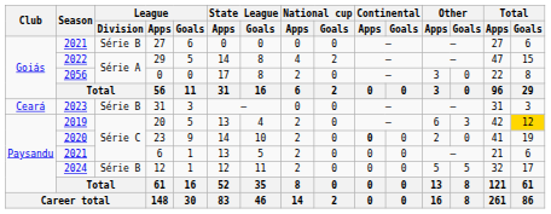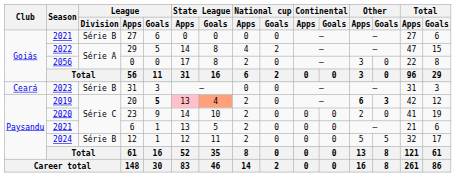 <table class="wikitable" style="text-align:center">
 <tr>
 <th rowspan="2">Club</th>
 <th rowspan="2">Season</th>
 <th colspan="3">League</th>
 <th colspan="2">State League</th>
 <th colspan="2">National cup</th>
 <th colspan="2">Continental</th>
 <th colspan="2">Other</th>
 <th colspan="2">Total</th>
 </tr>
 <tr>
 <th>Division</th>
 <th>Apps</th>
 <th>Goals</th>
 <th>Apps</th>
 <th>Goals</th>
 <th>Apps</th>
 <th>Goals</th>
 <th>Apps</th>
 <th>Goals</th>
 <th>Apps</th>
 <th>Goals</th>
 <th>Apps</th>
 <th>Goals</th>
 </tr>
 <tr>
 <td rowspan="4"><a href='#'>Goiás</a></td>
 <td><a href='#'>2021</a></td>
 <td>Série B</td>
 <td>27</td>
 <td>6</td>
 <td>0</td>
 <td>0</td>
 <td>0</td>
 <td>0</td>
 <td colspan="2">—</td>
 <td colspan="2">—</td>
 <td>27</td>
 <td>6</td>
 </tr>
 <tr>
 <td><a href='#'>2022</a></td>
 <td rowspan="2">Série A</td>
 <td>29</td>
 <td>5</td>
 <td>14</td>
 <td>8</td>
 <td>4</td>
 <td>2</td>
 <td colspan="2">—</td>
 <td colspan="2">—</td>
 <td>47</td>
 <td>15</td>
 </tr>
 <tr>
 <td><a href='#'>2056</a></td>
 <td>0</td>
 <td>0</td>
 <td>17</td>
 <td>8</td>
 <td>2</td>
 <td>0</td>
 <td colspan="2">—</td>
 <td>3</td>
 <td>0</td>
 <td>22</td>
 <td>8</td>
 </tr>
 <tr>
 <th colspan="2">Total</th>
 <th>56</th>
 <th>11</th>
 <th>31</th>
 <th>16</th>
 <th>6</th>
 <th>2</th>
 <th>0</th>
 <th>0</th>
 <th>3</th>
 <th>0</th>
 <th>96</th>
 <th>29</th>
 </tr>
 <tr>
 <td><a href='#'>Ceará</a></td>
 <td><a href='#'>2023</a></td>
 <td>Série B</td>
 <td>31</td>
 <td>3</td>
 <td colspan="2">—</td>
 <td>0</td>
 <td>0</td>
 <td colspan="2">—</td>
 <td colspan="2">—</td>
 <td>31</td>
 <td>3</td>
 </tr>
 <tr>
 <td rowspan="5"><a href='#'>Paysandu</a></td>
 <td><a href='#'>2019</a></td>
 <td rowspan="3">Série C</td>
 <td>20</td>
-<td>5</td>
-<td>13</td>
-<td>4</td>
+<td><strong>5</strong></td>
+<td style="background: pink;">13</td>
+<td style="background: lightsalmon;">4</td>
 <td>2</td>
 <td>0</td>
 <td colspan="2">—</td>
-<td>6</td>
-<td>3</td>
+<td><strong>6</strong></td>
+<td><strong>3</strong></td>
 <td>42</td>
-<td style="background: gold;">12</td>
+<td>12</td>
 </tr>
 <tr>
 <td><a href='#'>2020</a></td>
 <td>23</td>
 <td>9</td>
 <td>14</td>
 <td>10</td>
 <td>2</td>
 <td>0</td>
-<td><strong>0</strong></td>
+<td>0</td>
 <td>0</td>
 <td>2</td>
 <td>0</td>
 <td>41</td>
 <td>19</td>
 </tr>
 <tr>
 <td><a href='#'>2021</a></td>
 <td>6</td>
 <td>1</td>
 <td>13</td>
 <td>5</td>
 <td>2</td>
 <td>0</td>
 <td>0</td>
 <td>0</td>
 <td colspan="2">—</td>
 <td>21</td>
 <td>6</td>
 </tr>
 <tr>
 <td><a href='#'>2024</a></td>
 <td>Série B</td>
 <td>12</td>
 <td>1</td>
 <td>12</td>
 <td>11</td>
 <td>2</td>
 <td>0</td>
 <td>0</td>
 <td>0</td>
 <td>5</td>
 <td>5</td>
 <td>32</td>
 <td>17</td>
 </tr>
 <tr>
 <th colspan="2">Total</th>
 <th>61</th>
 <th>16</th>
 <th>52</th>
 <th>35</th>
 <th>8</th>
 <th>0</th>
 <th>0</th>
 <th>0</th>
 <th>13</th>
 <th>8</th>
 <th>121</th>
 <th>61</th>
 </tr>
 <tr>
 <th colspan="3">Career total</th>
 <th>148</th>
 <th>30</th>
 <th>83</th>
 <th>46</th>
 <th>14</th>
 <th>2</th>
 <th>0</th>
 <th>0</th>
 <th>16</th>
 <th>8</th>
 <th>261</th>
 <th>86</th>
 </tr>
 </table>
